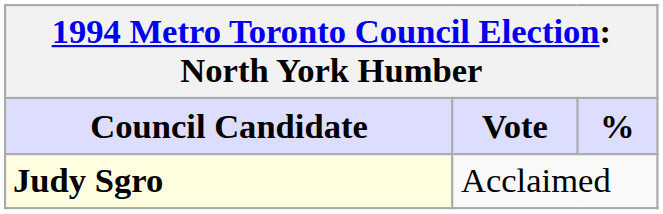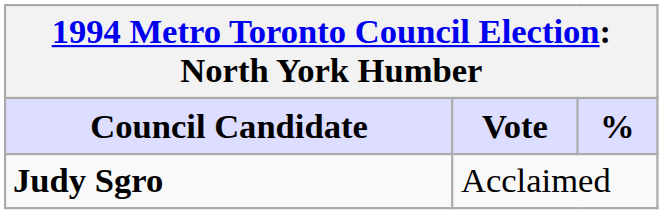 <table class="wikitable sortable">
 <tr>
 <th colspan="3"><a href='#'>1994 Metro Toronto Council Election</a>: North York Humber</th>
 </tr>
 <tr>
 <th style="background:#ddf; width:200px;">Council Candidate</th>
 <th style="background:#ddf; width:50px;">Vote</th>
 <th style="background:#ddf; width:30px;">%</th>
 </tr>
 <tr>
-<td style="background: lightyellow;"><strong>Judy Sgro</strong></td>
+<td><strong>Judy Sgro</strong></td>
 <td colspan="3">Acclaimed</td>
 </tr>
 </table>
